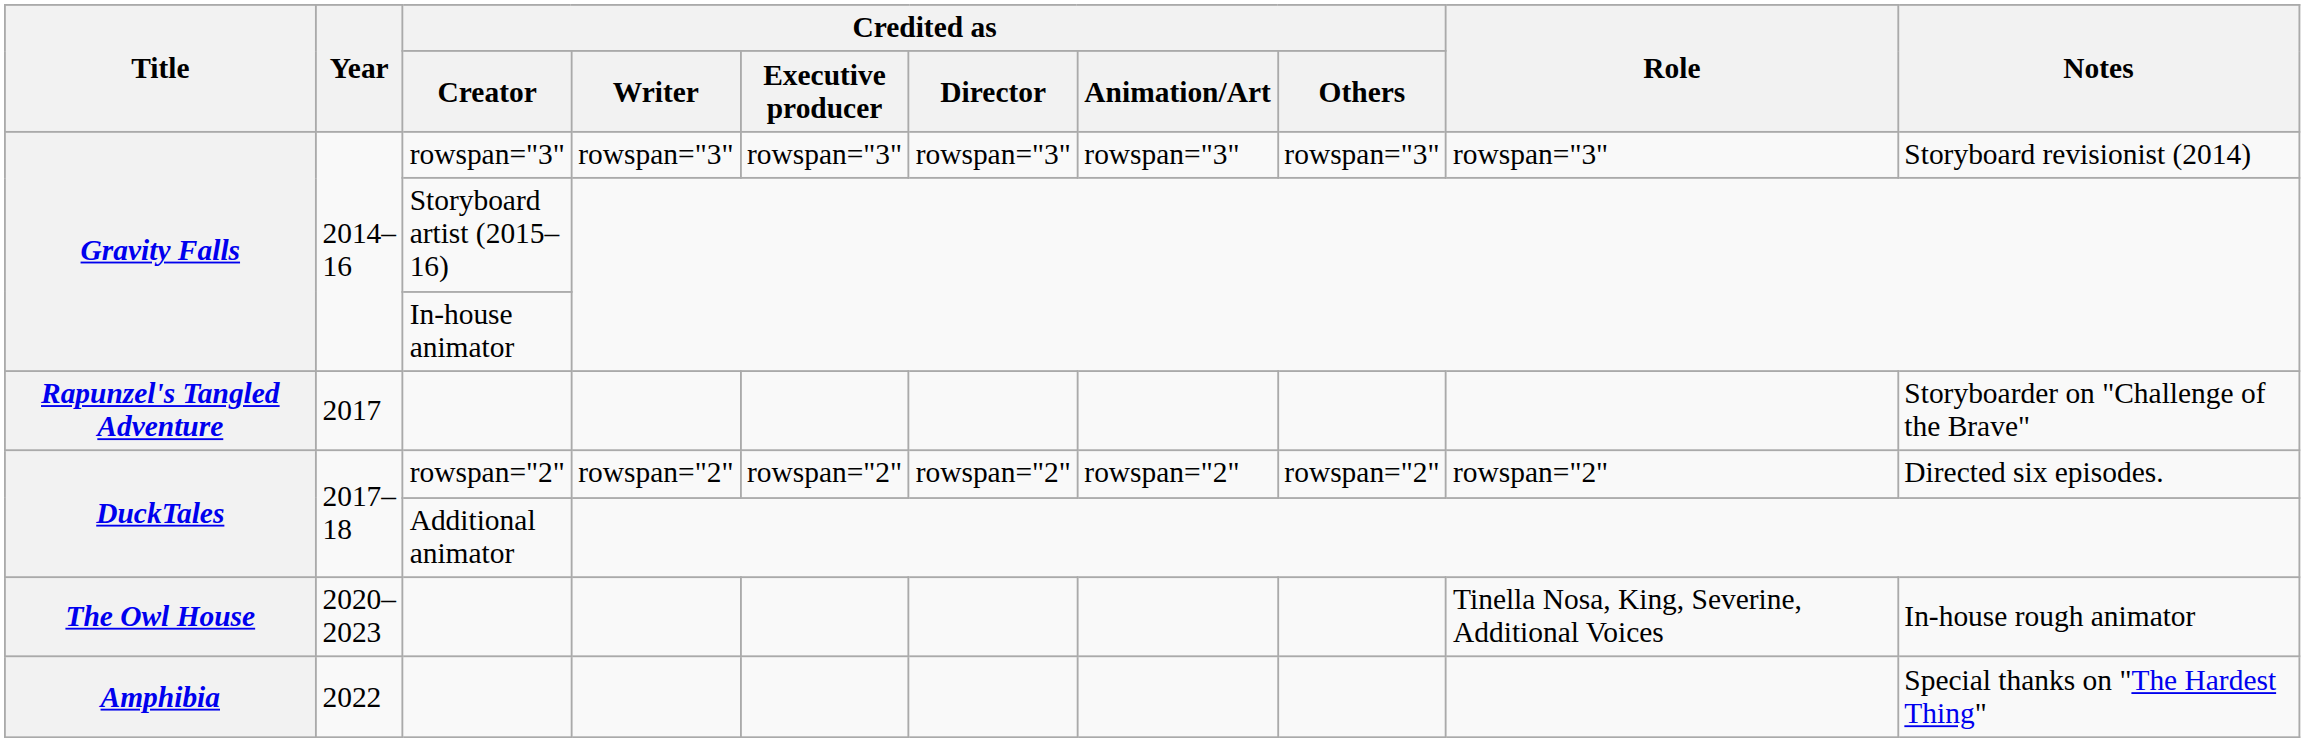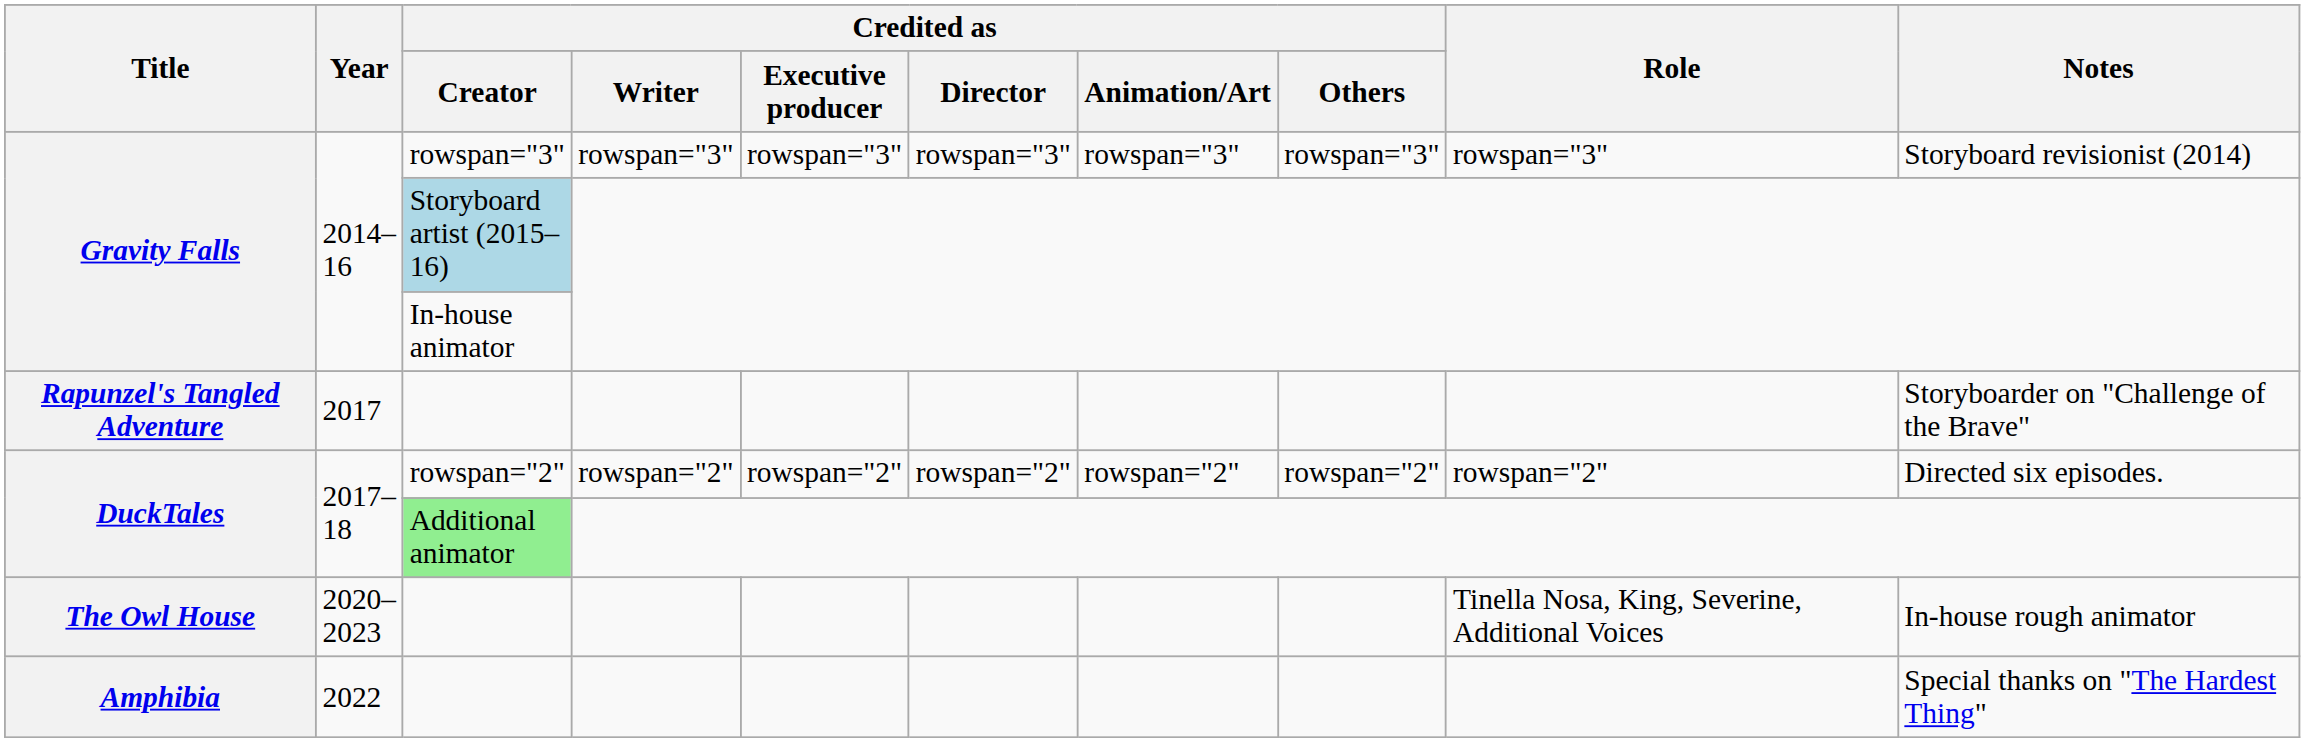 <table class="wikitable plainrowheaders sortable">
 <tr>
 <th rowspan="2">Title</th>
 <th rowspan="2" width="33">Year</th>
 <th colspan="6">Credited as</th>
 <th rowspan="2">Role</th>
 <th rowspan="2">Notes</th>
 </tr>
 <tr>
 <th width="65">Creator</th>
 <th width="65">Writer</th>
 <th width="65">Executive producer</th>
 <th width="65">Director</th>
 <th>Animation/Art</th>
 <th>Others</th>
 </tr>
 <tr>
 <th rowspan="3" scope="row"><em><a href='#'>Gravity Falls</a></em></th>
 <td rowspan="3">2014–16</td>
 <td>rowspan="3" </td>
 <td>rowspan="3" </td>
 <td>rowspan="3" </td>
 <td>rowspan="3" </td>
 <td>rowspan="3" </td>
 <td>rowspan="3" </td>
 <td>rowspan="3" </td>
 <td>Storyboard revisionist (2014)</td>
 </tr>
 <tr>
-<td>Storyboard artist (2015–16)</td>
+<td style="background: lightblue;">Storyboard artist (2015–16)</td>
 </tr>
 <tr>
 <td>In-house animator</td>
 </tr>
 <tr>
 <th scope="row"><em><a href='#'>Rapunzel's Tangled Adventure</a></em></th>
 <td>2017</td>
 <td></td>
 <td></td>
 <td></td>
 <td></td>
 <td></td>
 <td></td>
 <td></td>
 <td>Storyboarder on "Challenge of the Brave"</td>
 </tr>
 <tr>
 <th rowspan="2" scope="row"><em><a href='#'>DuckTales</a></em></th>
 <td rowspan="2">2017–18</td>
 <td>rowspan="2" </td>
 <td>rowspan="2" </td>
 <td>rowspan="2" </td>
 <td>rowspan="2" </td>
 <td>rowspan="2" </td>
 <td>rowspan="2" </td>
 <td>rowspan="2" </td>
 <td>Directed six episodes.</td>
 </tr>
 <tr>
-<td>Additional animator</td>
+<td style="background: lightgreen;">Additional animator</td>
 </tr>
 <tr>
 <th scope="row"><em><a href='#'>The Owl House</a></em></th>
 <td>2020–2023</td>
 <td></td>
 <td></td>
 <td></td>
 <td></td>
 <td></td>
 <td></td>
 <td>Tinella Nosa, King, Severine, Additional Voices</td>
 <td>In-house rough animator</td>
 </tr>
 <tr>
 <th scope="row"><em><a href='#'>Amphibia</a></em></th>
 <td>2022</td>
 <td></td>
 <td></td>
 <td></td>
 <td></td>
 <td></td>
 <td></td>
 <td></td>
 <td>Special thanks on "<a href='#'>The Hardest Thing</a>"</td>
 </tr>
 </table>
